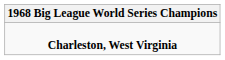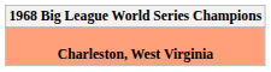 <table class="wikitable" style="text-align: center; margin: 0 auto;">
 <tr>
 <th>1968 Big League World Series Champions</th>
 </tr>
 <tr>
-<td><br><strong>Charleston, West Virginia</strong></td>
+<td style="background: lightsalmon;"><br><strong>Charleston, West Virginia</strong></td>
 </tr>
 </table>
